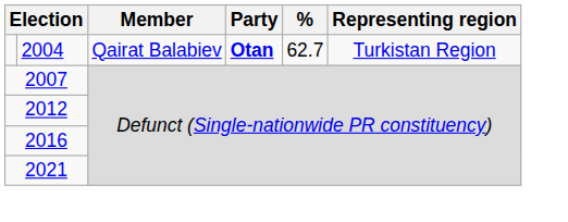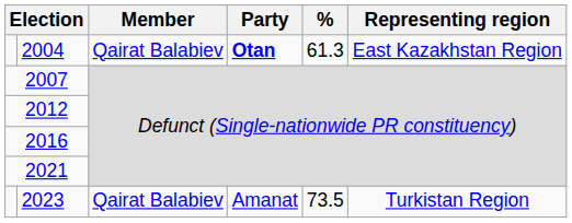 <table class="wikitable">
 <tr>
 <th colspan="2">Election</th>
 <th>Member</th>
 <th>Party</th>
 <th>%</th>
 <th>Representing region</th>
 </tr>
 <tr>
 <td style="background-color: "></td>
 <td><a href='#'>2004</a></td>
 <td><a href='#'>Qairat Balabiev</a></td>
 <td><strong><a href='#'>Otan</a></strong></td>
-<td align="right">62.7</td>
-<td align="center"><a href='#'>Turkistan Region</a></td>
+<td align="right">61.3</td>
+<td align="center"><a href='#'>East Kazakhstan Region</a></td>
 </tr>
 <tr>
 <td colspan="2" align="center"><a href='#'>2007</a></td>
 <td colspan="4" rowspan="4" align="center" style="background-color:#DCDCDC"><em>Defunct (<a href='#'>Single-nationwide PR constituency</a>)</em></td>
 </tr>
 <tr>
 <td colspan="2" align="center"><a href='#'>2012</a></td>
 </tr>
 <tr>
 <td colspan="2" align="center"><a href='#'>2016</a></td>
 </tr>
 <tr>
 <td colspan="2" align="center"><a href='#'>2021</a></td>
 </tr>
+<tr>
+<td style="background-color: "></td>
+<td><a href='#'>2023</a></td>
+<td><a href='#'>Qairat Balabiev</a></td>
+<td><a href='#'>Amanat</a></td>
+<td align="right">73.5</td>
+<td align="center"><a href='#'>Turkistan Region</a></td>
+</tr>
 </table>
